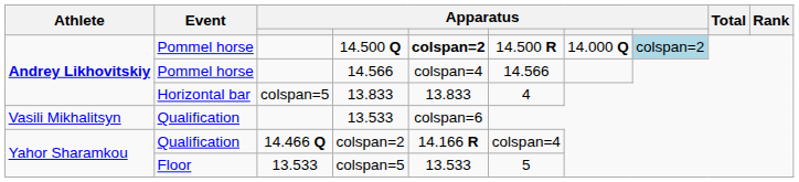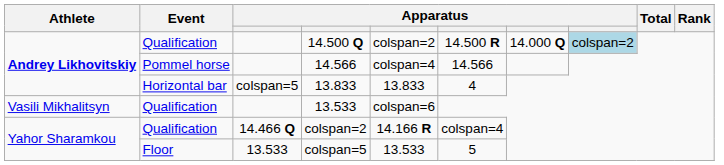 <table class="wikitable" style="text-align:center; font-size:90%">
 <tr>
 <th rowspan=2>Athlete</th>
 <th rowspan=2>Event</th>
 <th colspan=6>Apparatus</th>
 <th rowspan=2>Total</th>
 <th rowspan=2>Rank</th>
 </tr>
 <tr style="font-size:95%">
 <th></th>
 <th></th>
 <th></th>
 <th></th>
 <th></th>
 <th></th>
 </tr>
 <tr>
 <td rowspan=3 align=left><strong><a href='#'>Andrey Likhovitskiy</a></strong></td>
-<td align=left><a href='#'>Pommel horse</a></td>
+<td align=left><a href='#'>Qualification</a></td>
 <td></td>
 <td>14.500 <strong>Q</strong></td>
-<td><strong>colspan=2 </strong></td>
+<td>colspan=2 </td>
 <td>14.500 <strong>R</strong></td>
 <td>14.000 <strong>Q</strong></td>
 <td style="background: lightblue;">colspan=2 </td>
 </tr>
 <tr>
 <td align=left><a href='#'>Pommel horse</a></td>
 <td></td>
 <td>14.566</td>
 <td>colspan=4 </td>
 <td>14.566</td>
 <td></td>
 </tr>
 <tr>
 <td align=left><a href='#'>Horizontal bar</a></td>
 <td>colspan=5 </td>
 <td>13.833</td>
 <td>13.833</td>
 <td>4</td>
 </tr>
 <tr>
 <td align=left><a href='#'>Vasili Mikhalitsyn</a></td>
 <td align=left><a href='#'>Qualification</a></td>
 <td></td>
 <td>13.533</td>
 <td>colspan=6 </td>
 </tr>
 <tr>
 <td rowspan=2 align=left><a href='#'>Yahor Sharamkou</a></td>
 <td align=left><a href='#'>Qualification</a></td>
 <td>14.466 <strong>Q</strong></td>
 <td>colspan=2 </td>
 <td>14.166 <strong>R</strong></td>
 <td>colspan=4 </td>
 </tr>
 <tr>
 <td align=left><a href='#'>Floor</a></td>
 <td>13.533</td>
 <td>colspan=5 </td>
 <td>13.533</td>
 <td>5</td>
 </tr>
 </table>
